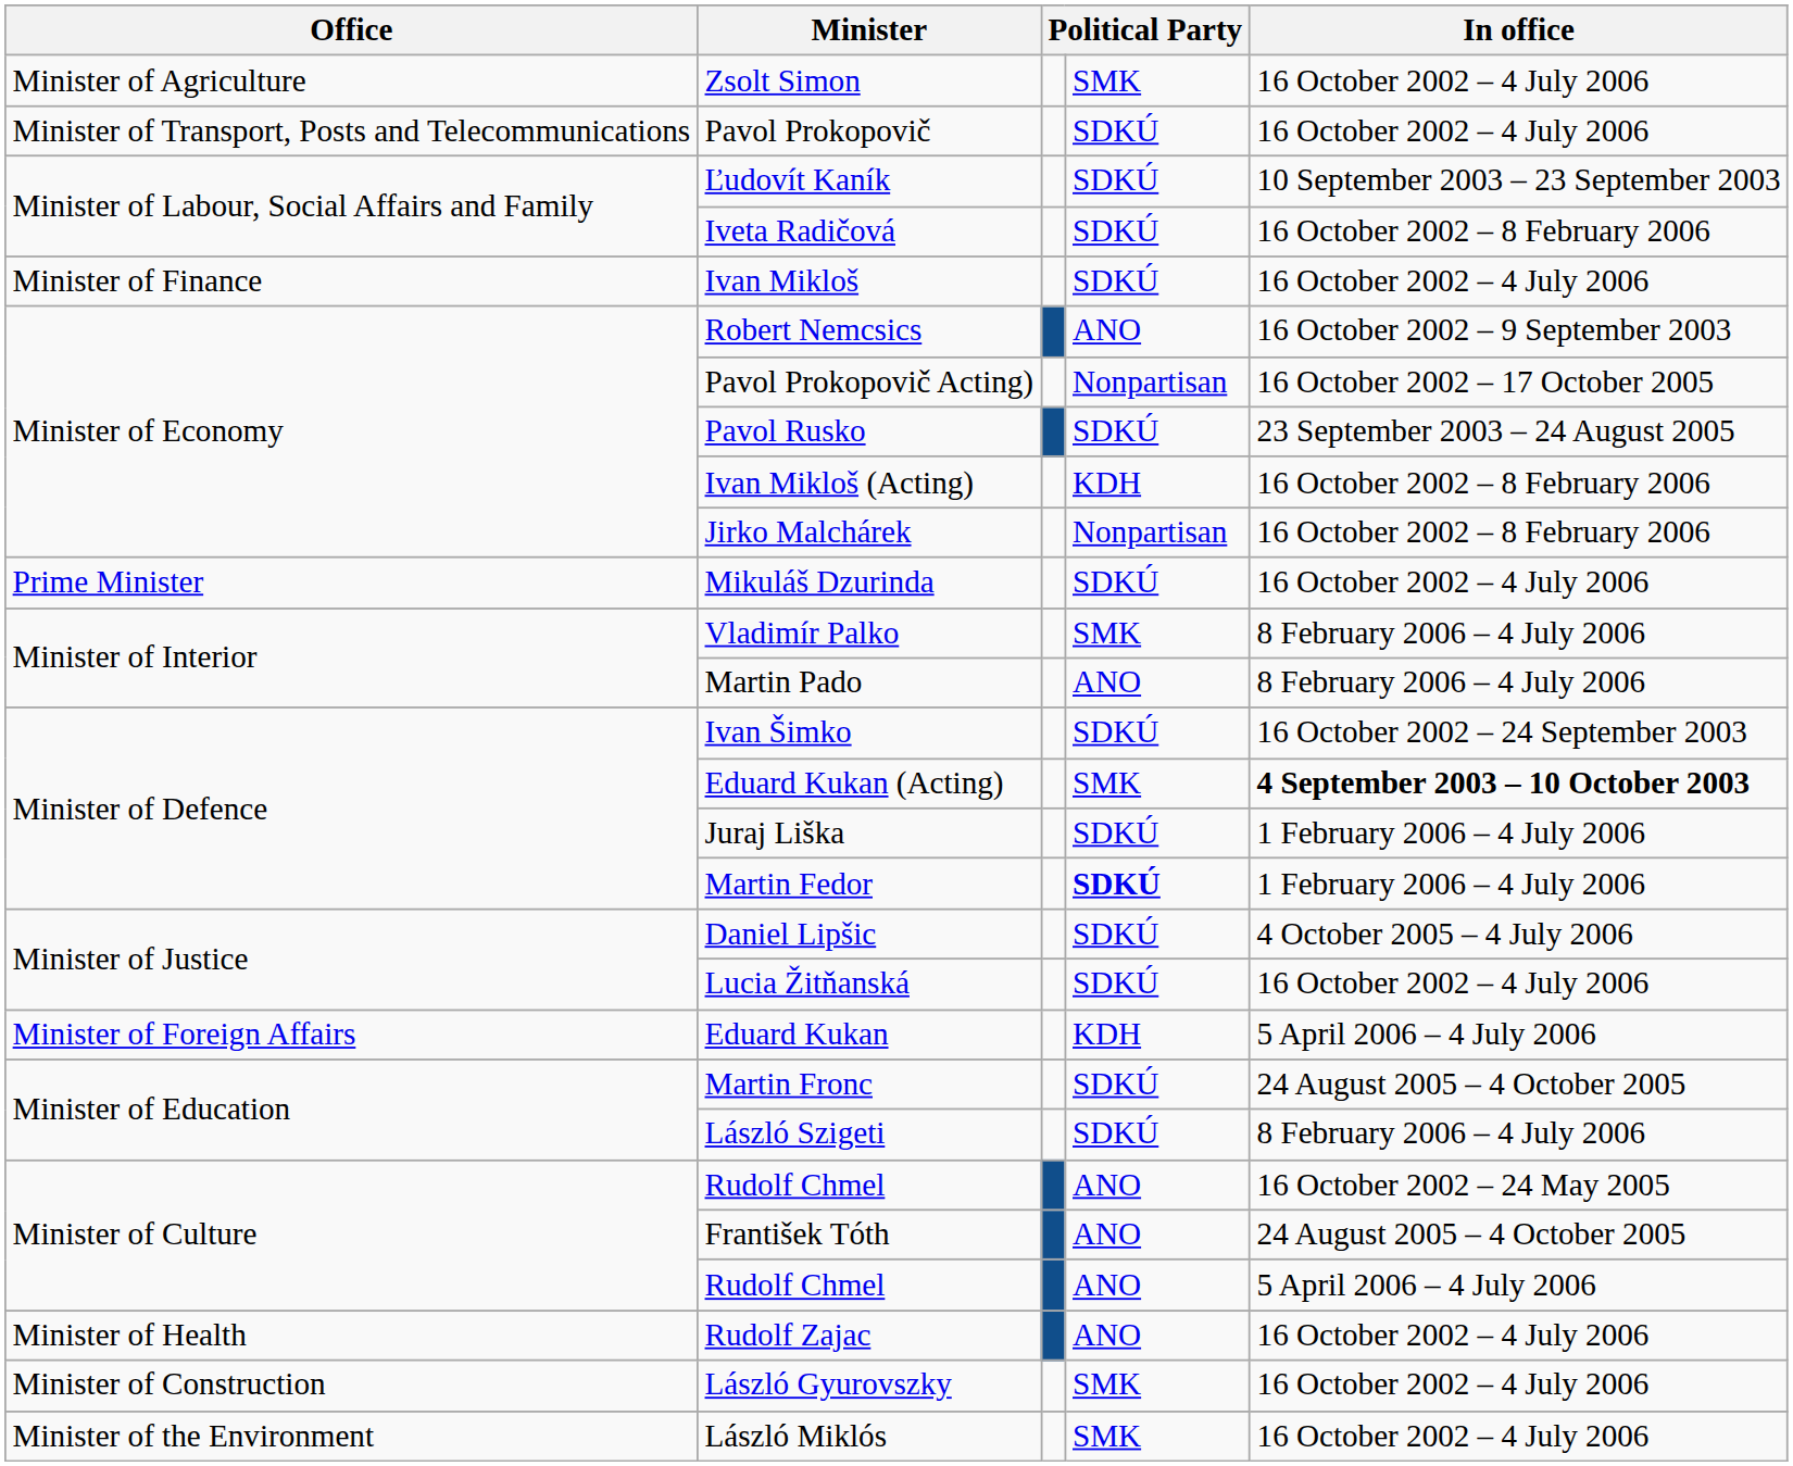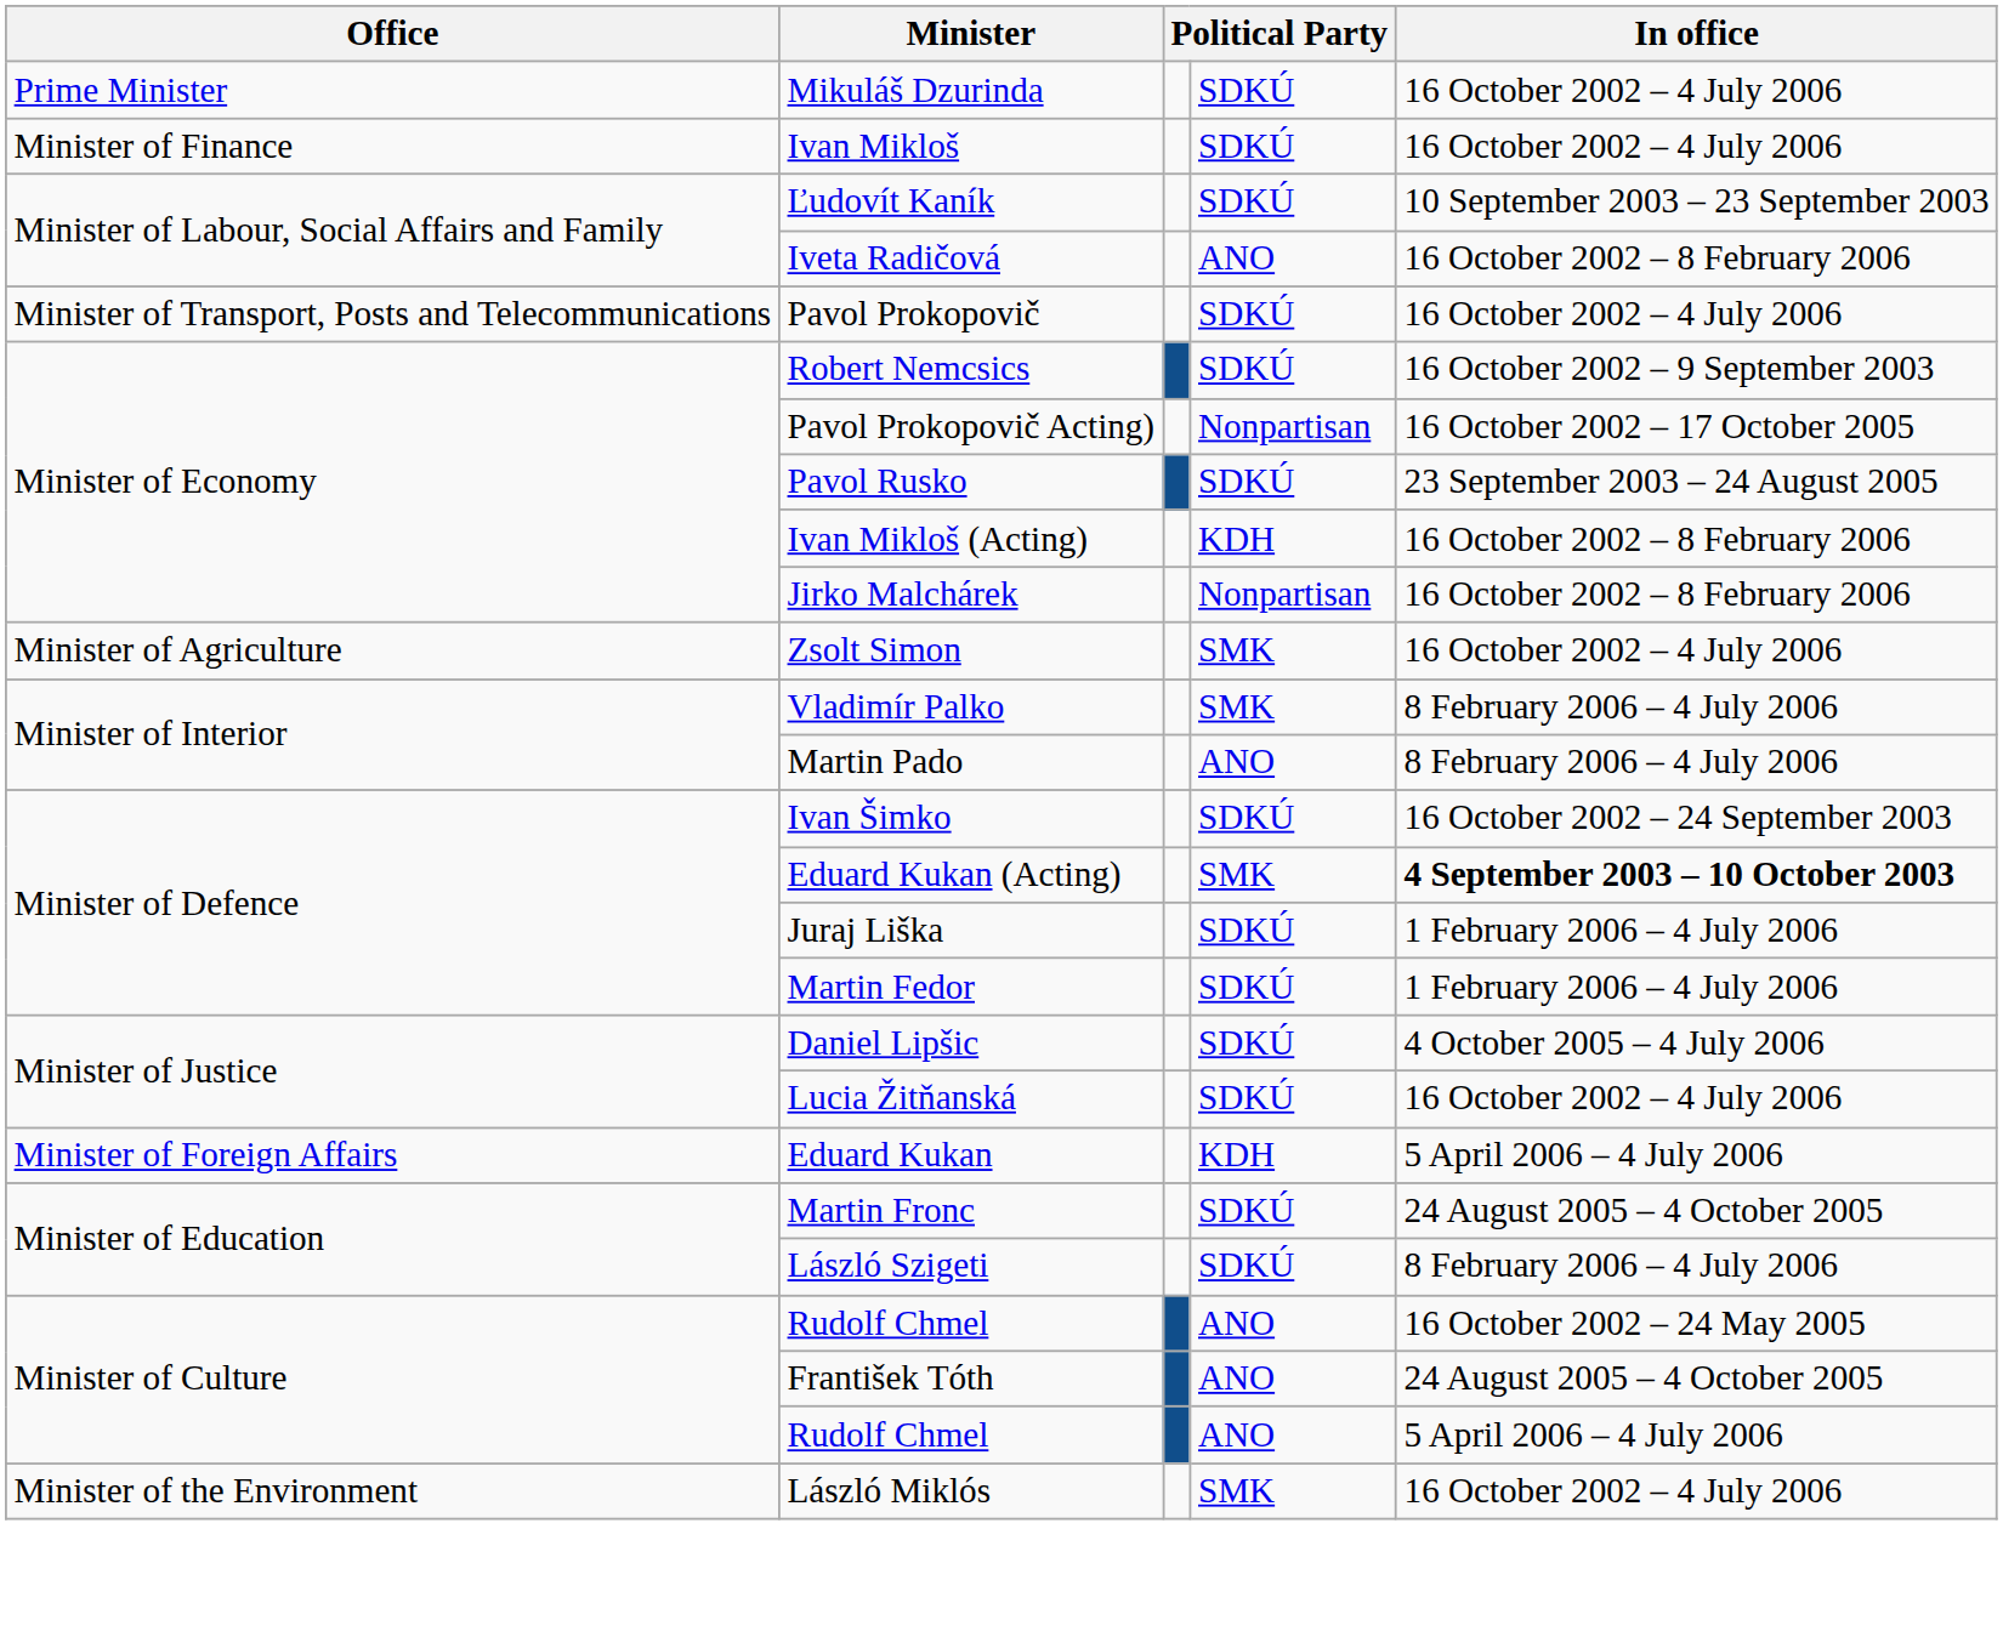 <table class="wikitable">
 <tr>
 <th>Office</th>
 <th>Minister</th>
 <th colspan=2>Political Party</th>
 <th>In office</th>
 </tr>
 <tr>
-<td>Minister of Agriculture</td>
-<td><a href='#'>Zsolt Simon</a></td>
+<td><a href='#'>Prime Minister</a></td>
+<td><a href='#'>Mikuláš Dzurinda</a></td>
 <td style="background-color: "></td>
-<td><a href='#'>SMK</a></td>
+<td><a href='#'>SDKÚ</a></td>
 <td>16 October 2002 – 4 July 2006</td>
 </tr>
 <tr>
-<td>Minister of Transport, Posts and Telecommunications</td>
-<td>Pavol Prokopovič</td>
+<td>Minister of Finance</td>
+<td><a href='#'>Ivan Mikloš</a></td>
 <td style="background-color: "></td>
 <td><a href='#'>SDKÚ</a></td>
 <td>16 October 2002 – 4 July 2006</td>
 </tr>
 <tr>
 <td rowspan=2>Minister of Labour, Social Affairs and Family</td>
 <td><a href='#'>Ľudovít Kaník</a></td>
 <td style="background-color: "></td>
 <td><a href='#'>SDKÚ</a></td>
 <td>10 September 2003 – 23 September 2003</td>
 </tr>
 <tr>
 <td><a href='#'>Iveta Radičová</a></td>
 <td style="background-color: "></td>
-<td><a href='#'>SDKÚ</a></td>
+<td><a href='#'>ANO</a></td>
 <td>16 October 2002 – 8 February 2006</td>
 </tr>
 <tr>
-<td>Minister of Finance</td>
-<td><a href='#'>Ivan Mikloš</a></td>
+<td>Minister of Transport, Posts and Telecommunications</td>
+<td>Pavol Prokopovič</td>
 <td style="background-color: "></td>
 <td><a href='#'>SDKÚ</a></td>
 <td>16 October 2002 – 4 July 2006</td>
 </tr>
 <tr>
 <td rowspan=5>Minister of Economy</td>
 <td><a href='#'>Robert Nemcsics</a></td>
 <td style="background-color: #104E8B" width=5px></td>
-<td><a href='#'>ANO</a></td>
+<td><a href='#'>SDKÚ</a></td>
 <td>16 October 2002 – 9 September 2003</td>
 </tr>
 <tr>
 <td>Pavol Prokopovič Acting)</td>
 <td style="background-color: "></td>
 <td><a href='#'>Nonpartisan</a></td>
 <td>16 October 2002 – 17 October 2005</td>
 </tr>
 <tr>
 <td><a href='#'>Pavol Rusko</a></td>
 <td style="background-color: #104E8B" width=5px></td>
 <td><a href='#'>SDKÚ</a></td>
 <td>23 September 2003 – 24 August 2005</td>
 </tr>
 <tr>
 <td><a href='#'>Ivan Mikloš</a> (Acting)</td>
 <td style="background-color: "></td>
 <td><a href='#'>KDH</a></td>
 <td>16 October 2002 – 8 February 2006</td>
 </tr>
 <tr>
 <td><a href='#'>Jirko Malchárek</a></td>
 <td style="background-color: "></td>
 <td><a href='#'>Nonpartisan</a></td>
 <td>16 October 2002 – 8 February 2006</td>
 </tr>
 <tr>
-<td><a href='#'>Prime Minister</a></td>
-<td><a href='#'>Mikuláš Dzurinda</a></td>
+<td>Minister of Agriculture</td>
+<td><a href='#'>Zsolt Simon</a></td>
 <td style="background-color: "></td>
-<td><a href='#'>SDKÚ</a></td>
+<td><a href='#'>SMK</a></td>
 <td>16 October 2002 – 4 July 2006</td>
 </tr>
 <tr>
 <td rowspan=2>Minister of Interior</td>
 <td><a href='#'>Vladimír Palko</a></td>
 <td style="background-color: "></td>
 <td><a href='#'>SMK</a></td>
 <td>8 February 2006 – 4 July 2006</td>
 </tr>
 <tr>
 <td>Martin Pado</td>
 <td style="background-color: "></td>
 <td><a href='#'>ANO</a></td>
 <td>8 February 2006 – 4 July 2006</td>
 </tr>
 <tr>
 <td rowspan=4>Minister of Defence</td>
 <td><a href='#'>Ivan Šimko</a></td>
 <td style="background-color: "></td>
 <td><a href='#'>SDKÚ</a></td>
 <td>16 October 2002 – 24 September 2003</td>
 </tr>
 <tr>
 <td><a href='#'>Eduard Kukan</a> (Acting)</td>
 <td style="background-color: "></td>
 <td><a href='#'>SMK</a></td>
 <td><strong>4 September 2003 – 10 October 2003</strong></td>
 </tr>
 <tr>
 <td>Juraj Liška</td>
 <td style="background-color: "></td>
 <td><a href='#'>SDKÚ</a></td>
 <td>1 February 2006 – 4 July 2006</td>
 </tr>
 <tr>
 <td><a href='#'>Martin Fedor</a></td>
 <td style="background-color: "></td>
-<td><strong><a href='#'>SDKÚ</a></strong></td>
+<td><a href='#'>SDKÚ</a></td>
 <td>1 February 2006 – 4 July 2006</td>
 </tr>
 <tr>
 <td rowspan=2>Minister of Justice</td>
 <td><a href='#'>Daniel Lipšic</a></td>
 <td style="background-color: "></td>
 <td><a href='#'>SDKÚ</a></td>
 <td>4 October 2005 – 4 July 2006</td>
 </tr>
 <tr>
 <td><a href='#'>Lucia Žitňanská</a></td>
 <td style="background-color: "></td>
 <td><a href='#'>SDKÚ</a></td>
 <td>16 October 2002 – 4 July 2006</td>
 </tr>
 <tr>
 <td><a href='#'>Minister of Foreign Affairs</a></td>
 <td><a href='#'>Eduard Kukan</a></td>
 <td style="background-color: "></td>
 <td><a href='#'>KDH</a></td>
 <td>5 April 2006 – 4 July 2006</td>
 </tr>
 <tr>
 <td rowspan=2>Minister of Education</td>
 <td><a href='#'>Martin Fronc</a></td>
 <td style="background-color: "></td>
 <td><a href='#'>SDKÚ</a></td>
 <td>24 August 2005 – 4 October 2005</td>
 </tr>
 <tr>
 <td><a href='#'>László Szigeti</a></td>
 <td style="background-color: "></td>
 <td><a href='#'>SDKÚ</a></td>
 <td>8 February 2006 – 4 July 2006</td>
 </tr>
 <tr>
 <td rowspan=3>Minister of Culture</td>
 <td><a href='#'>Rudolf Chmel</a></td>
 <td style="background-color: #104E8B" width=5px></td>
 <td><a href='#'>ANO</a></td>
 <td>16 October 2002 – 24 May 2005</td>
 </tr>
 <tr>
 <td>František Tóth</td>
 <td style="background-color: #104E8B" width=5px></td>
 <td><a href='#'>ANO</a></td>
 <td>24 August 2005 – 4 October 2005</td>
 </tr>
 <tr>
 <td><a href='#'>Rudolf Chmel</a></td>
 <td style="background-color: #104E8B" width=5px></td>
 <td><a href='#'>ANO</a></td>
 <td>5 April 2006 – 4 July 2006</td>
 </tr>
 <tr>
-<td>Minister of Health</td>
-<td><a href='#'>Rudolf Zajac</a></td>
-<td style="background-color: #104E8B" width=5px></td>
-<td><a href='#'>ANO</a></td>
-<td>16 October 2002 – 4 July 2006</td>
-</tr>
-<tr>
-<td>Minister of Construction</td>
-<td><a href='#'>László Gyurovszky</a></td>
-<td style="background-color: "></td>
-<td><a href='#'>SMK</a></td>
-<td>16 October 2002 – 4 July 2006</td>
-</tr>
-<tr>
 <td>Minister of the Environment</td>
 <td>László Miklós</td>
 <td style="background-color: "></td>
 <td><a href='#'>SMK</a></td>
 <td>16 October 2002 – 4 July 2006</td>
 </tr>
 </table>
